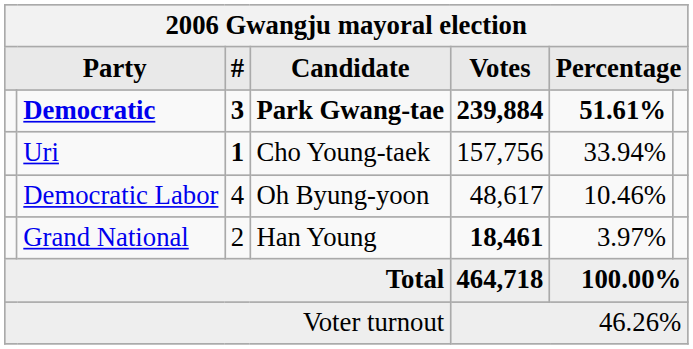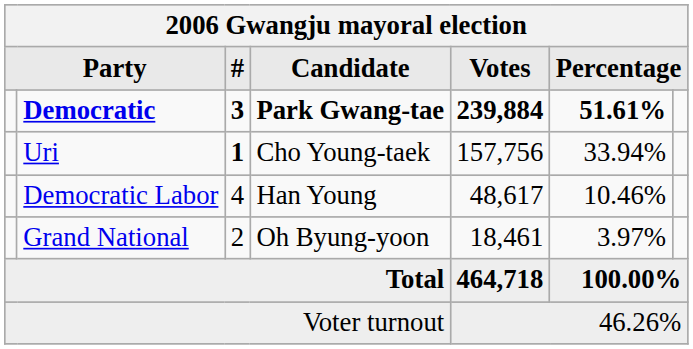 <table class="wikitable">
 <tr>
 <th colspan="7">2006 Gwangju mayoral election</th>
 </tr>
 <tr>
 <th style="background-color:#E9E9E9" colspan=2>Party</th>
 <th style="background-color:#E9E9E9">#</th>
 <th style="background-color:#E9E9E9">Candidate</th>
 <th style="background-color:#E9E9E9">Votes</th>
 <th style="background-color:#E9E9E9" colspan=2>Percentage</th>
 </tr>
 <tr style="font-weight:bold">
 <td></td>
 <td align=left><a href='#'>Democratic</a></td>
 <td align=center>3</td>
 <td align=left>Park Gwang-tae</td>
 <td align=right>239,884</td>
 <td align=right>51.61%</td>
 <td align=right></td>
 </tr>
 <tr>
 <td></td>
 <td align=left><a href='#'>Uri</a></td>
 <td align=center><strong>1</strong></td>
 <td align=left>Cho Young-taek</td>
 <td align=right>157,756</td>
 <td align=right>33.94%</td>
 <td align=right></td>
 </tr>
 <tr>
 <td></td>
 <td align=left><a href='#'>Democratic Labor</a></td>
 <td align=center>4</td>
-<td align=left>Oh Byung-yoon</td>
+<td align=left>Han Young</td>
 <td align=right>48,617</td>
 <td align=right>10.46%</td>
 <td align=right></td>
 </tr>
 <tr>
 <td></td>
 <td align=left><a href='#'>Grand National</a></td>
 <td align=center>2</td>
-<td align=left>Han Young</td>
-<td align=right><strong>18,461</strong></td>
+<td align=left>Oh Byung-yoon</td>
+<td align=right>18,461</td>
 <td align=right>3.97%</td>
 <td align=right></td>
 </tr>
 <tr bgcolor="#EEEEEE" style="font-weight:bold">
 <td colspan="4" align=right>Total</td>
 <td align=right>464,718</td>
 <td align=right colspan=2>100.00%</td>
 </tr>
 <tr bgcolor="#EEEEEE">
 <td colspan="4" align="right">Voter turnout</td>
 <td colspan="3" align="right">46.26%</td>
 </tr>
 </table>
